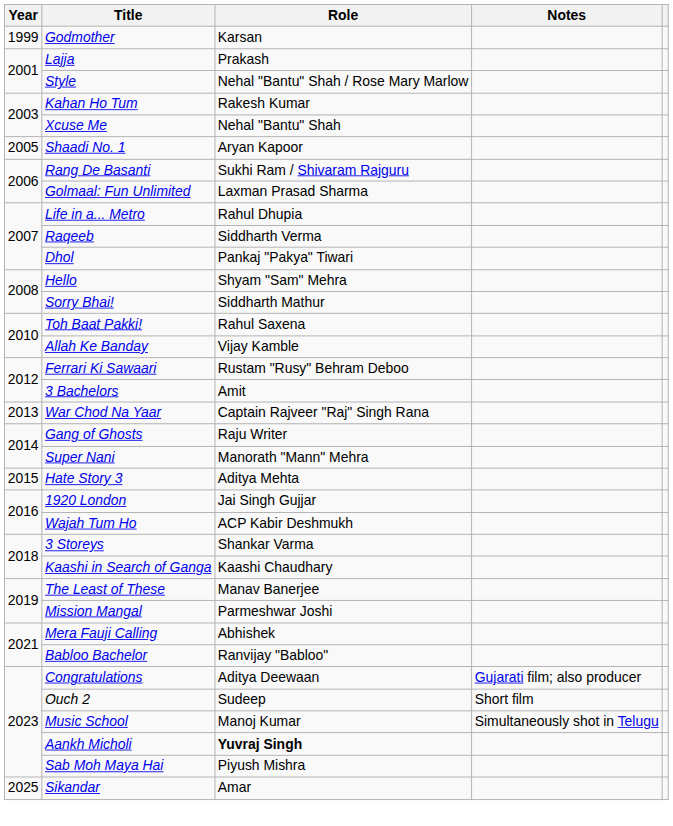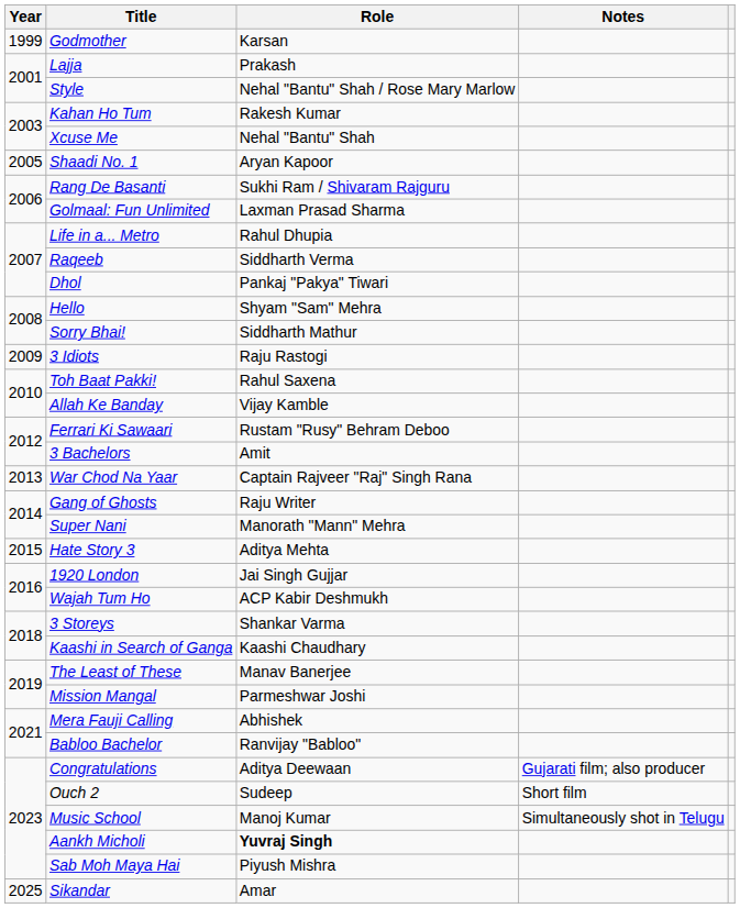 <table class="wikitable sortable">
 <tr>
 <th>Year</th>
 <th>Title</th>
 <th>Role</th>
 <th class="unsortable">Notes</th>
 <th class="unsortable"></th>
 </tr>
 <tr>
 <td>1999</td>
 <td><em><a href='#'>Godmother</a></em></td>
 <td>Karsan</td>
 <td></td>
 <td></td>
 </tr>
 <tr>
 <td rowspan="2”">2001</td>
 <td><em><a href='#'>Lajja</a></em></td>
 <td>Prakash</td>
 <td></td>
 <td></td>
 </tr>
 <tr>
 <td><em><a href='#'>Style</a></em></td>
 <td>Nehal "Bantu" Shah / Rose Mary Marlow</td>
 <td></td>
 <td></td>
 </tr>
 <tr>
 <td rowspan="2">2003</td>
 <td><em><a href='#'>Kahan Ho Tum</a></em></td>
 <td>Rakesh Kumar</td>
 <td></td>
 <td></td>
 </tr>
 <tr>
 <td><em><a href='#'>Xcuse Me</a></em></td>
 <td>Nehal "Bantu" Shah</td>
 <td></td>
 <td></td>
 </tr>
 <tr>
 <td>2005</td>
 <td><em><a href='#'>Shaadi No. 1</a></em></td>
 <td>Aryan Kapoor</td>
 <td></td>
 <td></td>
 </tr>
 <tr>
 <td rowspan="2">2006</td>
 <td><em><a href='#'>Rang De Basanti</a></em></td>
 <td>Sukhi Ram / <a href='#'>Shivaram Rajguru</a></td>
 <td></td>
 <td></td>
 </tr>
 <tr>
 <td><em><a href='#'>Golmaal: Fun Unlimited</a></em></td>
 <td>Laxman Prasad Sharma</td>
 <td></td>
 <td></td>
 </tr>
 <tr>
 <td rowspan="3">2007</td>
 <td><em><a href='#'>Life in a... Metro</a></em></td>
 <td>Rahul Dhupia</td>
 <td></td>
 <td></td>
 </tr>
 <tr>
 <td><em><a href='#'>Raqeeb</a></em></td>
 <td>Siddharth Verma</td>
 <td></td>
 <td></td>
 </tr>
 <tr>
 <td><em><a href='#'>Dhol</a></em></td>
 <td>Pankaj "Pakya" Tiwari</td>
 <td></td>
 <td></td>
 </tr>
 <tr>
 <td rowspan="2">2008</td>
 <td><em><a href='#'>Hello</a></em></td>
 <td>Shyam "Sam" Mehra</td>
 <td></td>
 <td></td>
 </tr>
 <tr>
 <td><em><a href='#'>Sorry Bhai!</a></em></td>
 <td>Siddharth Mathur</td>
+<td></td>
+<td></td>
+</tr>
+<tr>
+<td>2009</td>
+<td><em><a href='#'>3 Idiots</a></em></td>
+<td>Raju Rastogi</td>
 <td></td>
 <td></td>
 </tr>
 <tr>
 <td rowspan="2">2010</td>
 <td><em><a href='#'>Toh Baat Pakki!</a></em></td>
 <td>Rahul Saxena</td>
 <td></td>
 <td></td>
 </tr>
 <tr>
 <td><em><a href='#'>Allah Ke Banday</a></em></td>
 <td>Vijay Kamble</td>
 <td></td>
 <td></td>
 </tr>
 <tr>
 <td rowspan="2">2012</td>
 <td><em><a href='#'>Ferrari Ki Sawaari</a></em></td>
 <td>Rustam "Rusy" Behram Deboo</td>
 <td></td>
 <td></td>
 </tr>
 <tr>
 <td><em><a href='#'>3 Bachelors</a></em></td>
 <td>Amit</td>
 <td></td>
 <td></td>
 </tr>
 <tr>
 <td>2013</td>
 <td><em><a href='#'>War Chod Na Yaar</a></em></td>
 <td>Captain Rajveer "Raj" Singh Rana</td>
 <td></td>
 <td></td>
 </tr>
 <tr>
 <td rowspan="2">2014</td>
 <td><em><a href='#'>Gang of Ghosts</a></em></td>
 <td>Raju Writer</td>
 <td></td>
 <td></td>
 </tr>
 <tr>
 <td><em><a href='#'>Super Nani</a></em></td>
 <td>Manorath "Mann" Mehra</td>
 <td></td>
 <td></td>
 </tr>
 <tr>
 <td>2015</td>
 <td><em><a href='#'>Hate Story 3</a></em></td>
 <td>Aditya Mehta</td>
 <td></td>
 <td></td>
 </tr>
 <tr>
 <td rowspan="2">2016</td>
 <td><em><a href='#'>1920 London</a></em></td>
 <td>Jai Singh Gujjar</td>
 <td></td>
 <td></td>
 </tr>
 <tr>
 <td><em><a href='#'>Wajah Tum Ho</a></em></td>
 <td>ACP Kabir Deshmukh</td>
 <td></td>
 <td></td>
 </tr>
 <tr>
 <td rowspan="2">2018</td>
 <td><em><a href='#'>3 Storeys</a></em></td>
 <td>Shankar Varma</td>
 <td></td>
 <td></td>
 </tr>
 <tr>
 <td><em><a href='#'>Kaashi in Search of Ganga</a></em></td>
 <td>Kaashi Chaudhary</td>
 <td></td>
 <td></td>
 </tr>
 <tr>
 <td rowspan="2">2019</td>
 <td><em><a href='#'>The Least of These</a></em></td>
 <td>Manav Banerjee</td>
 <td></td>
 <td></td>
 </tr>
 <tr>
 <td><em><a href='#'>Mission Mangal</a></em></td>
 <td>Parmeshwar Joshi</td>
 <td></td>
 <td></td>
 </tr>
 <tr>
 <td rowspan="2">2021</td>
 <td><em><a href='#'>Mera Fauji Calling</a></em></td>
 <td>Abhishek</td>
 <td></td>
 <td></td>
 </tr>
 <tr>
 <td><em><a href='#'>Babloo Bachelor</a></em></td>
 <td>Ranvijay "Babloo"</td>
 <td></td>
 <td></td>
 </tr>
 <tr>
 <td rowspan="5">2023</td>
 <td><em><a href='#'>Congratulations</a></em></td>
 <td>Aditya Deewaan</td>
 <td><a href='#'>Gujarati</a> film; also producer</td>
 <td></td>
 </tr>
 <tr>
 <td><em>Ouch 2</em></td>
 <td>Sudeep</td>
 <td>Short film</td>
 <td></td>
 </tr>
 <tr>
 <td><em><a href='#'>Music School</a></em></td>
 <td>Manoj Kumar</td>
 <td>Simultaneously shot in <a href='#'>Telugu</a></td>
 <td></td>
 </tr>
 <tr>
 <td><em><a href='#'>Aankh Micholi</a></em></td>
 <td><strong>Yuvraj Singh</strong></td>
 <td></td>
 <td></td>
 </tr>
 <tr>
 <td><em><a href='#'>Sab Moh Maya Hai</a></em></td>
 <td>Piyush Mishra</td>
 <td></td>
 <td></td>
 </tr>
 <tr>
 <td>2025</td>
 <td><em><a href='#'>Sikandar</a></em></td>
 <td>Amar</td>
 <td></td>
 <td></td>
 </tr>
 </table>
